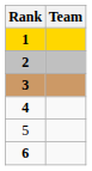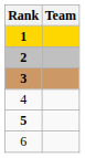 <table class="wikitable" style="text-align:center">
 <tr>
 <th>Rank</th>
 <th>Team</th>
 </tr>
 <tr bgcolor="gold">
 <td><strong>1</strong></td>
 <td align="left"><strong></strong></td>
 </tr>
 <tr bgcolor="silver">
 <td><strong>2</strong></td>
 <td align="left"><strong></strong></td>
 </tr>
 <tr bgcolor="#CC9966">
 <td><strong>3</strong></td>
 <td align="left"><strong></strong></td>
 </tr>
 <tr>
-<td><strong>4</strong></td>
+<td>4</td>
 <td align="left"></td>
 </tr>
 <tr>
-<td>5</td>
+<td><strong>5</strong></td>
 <td align="left"></td>
 </tr>
 <tr>
-<td><strong>6</strong></td>
+<td>6</td>
 <td align="left"></td>
 </tr>
 </table>
